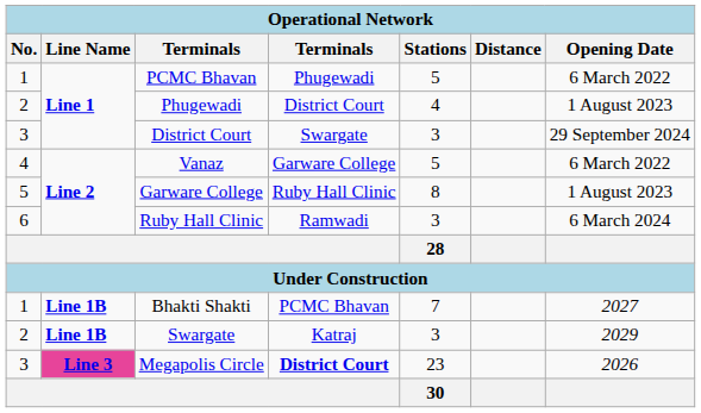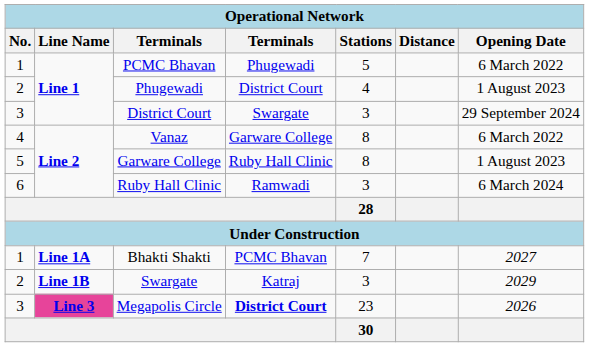 <table class="wikitable sortable" style="font-size:100%;margin:auto">
 <tr>
 <th colspan="7" style="background:#ADD8E6;">Operational Network</th>
 </tr>
 <tr>
 <th>No.</th>
 <th>Line Name</th>
 <th>Terminals</th>
 <th>Terminals</th>
 <th>Stations</th>
 <th>Distance</th>
 <th>Opening Date</th>
 </tr>
 <tr>
 <td style="text-align:center;">1</td>
 <td rowspan="3" style="background:#"><a href='#'><span><strong>Line 1</strong></span></a></td>
 <td style="text-align:center;"><a href='#'>PCMC Bhavan</a></td>
 <td style="text-align:center;"><a href='#'>Phugewadi</a></td>
 <td style="text-align:center;">5</td>
 <td style="text-align:center;"></td>
 <td style="text-align:center;">6 March 2022</td>
 </tr>
 <tr>
 <td style="text-align:center;">2</td>
 <td style="text-align:center;"><a href='#'>Phugewadi</a></td>
 <td style="text-align:center;"><a href='#'>District Court</a></td>
 <td style="text-align:center;">4</td>
 <td style="text-align:center;"></td>
 <td style="text-align:center;">1 August 2023</td>
 </tr>
 <tr>
 <td style="text-align:center;">3</td>
 <td style="text-align:center;"><a href='#'>District Court</a></td>
 <td style="text-align:center;"><a href='#'>Swargate</a></td>
 <td style="text-align:center;">3</td>
 <td style="text-align:center;"></td>
 <td style="text-align:center;">29 September 2024</td>
 </tr>
 <tr>
 <td style="text-align:center;">4</td>
 <td rowspan="3" style="background:#"><a href='#'><span><strong>Line 2</strong></span></a></td>
 <td style="text-align:center;"><a href='#'>Vanaz</a></td>
 <td style="text-align:center;"><a href='#'>Garware College</a></td>
-<td style="text-align:center;">5</td>
+<td style="text-align:center;">8</td>
 <td style="text-align:center;"></td>
 <td style="text-align:center;">6 March 2022</td>
 </tr>
 <tr>
 <td style="text-align:center;">5</td>
 <td style="text-align:center;"><a href='#'>Garware College</a></td>
 <td style="text-align:center;"><a href='#'>Ruby Hall Clinic</a></td>
 <td style="text-align:center;">8</td>
 <td style="text-align:center;"></td>
 <td style="text-align:center;">1 August 2023</td>
 </tr>
 <tr>
 <td style="text-align:center;">6</td>
 <td style="text-align:center;"><a href='#'>Ruby Hall Clinic</a></td>
 <td style="text-align:center;"><a href='#'>Ramwadi</a></td>
 <td style="text-align:center;">3</td>
 <td style="text-align:center;"></td>
 <td style="text-align:center;">6 March 2024</td>
 </tr>
 <tr>
 <th colspan="4"></th>
 <th style="text-align:center;">28</th>
 <th style="text-align:center;"></th>
 <th></th>
 </tr>
 <tr>
 <th colspan="7" style="background:#ADD8E6;">Under Construction</th>
 </tr>
 <tr>
 <td style="text-align:center;">1</td>
-<td style="background:#"><a href='#'><span><strong>Line 1B</strong></span></a></td>
+<td style="background:#"><a href='#'><span><strong>Line 1A</strong></span></a></td>
 <td style="text-align:center;">Bhakti Shakti</td>
 <td style="text-align:center;"><a href='#'>PCMC Bhavan</a></td>
 <td style="text-align:center;">7</td>
 <td style="text-align:center;"></td>
 <td style="text-align:center;"><em>2027</em></td>
 </tr>
 <tr>
 <td style="text-align:center;">2</td>
 <td style="background:#"><a href='#'><span><strong>Line 1B</strong></span></a></td>
 <td style="text-align:center;"><a href='#'>Swargate</a></td>
 <td style="text-align:center;"><a href='#'>Katraj</a></td>
 <td style="text-align:center;">3</td>
 <td style="text-align:center;"></td>
 <td style="text-align:center;"><em>2029</em></td>
 </tr>
 <tr>
 <td style="text-align:center;">3</td>
 <td style="background:#E7449A; text-align: center;"><a href='#'><span><strong>Line 3</strong></span></a></td>
 <td style="text-align:center;"><a href='#'>Megapolis Circle</a></td>
 <td style="text-align:center;"><strong><a href='#'>District Court</a></strong></td>
 <td style="text-align:center;">23</td>
 <td style="text-align:center;"></td>
 <td style="text-align:center;"><em>2026</em></td>
 </tr>
 <tr>
 <th colspan="4"></th>
 <th style="text-align:center;">30</th>
 <th style="text-align:center;"></th>
 <th></th>
 </tr>
 </table>
